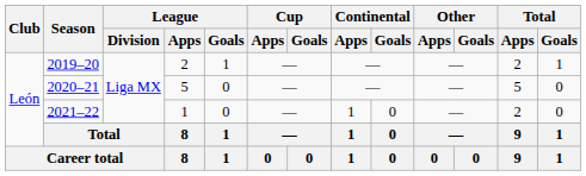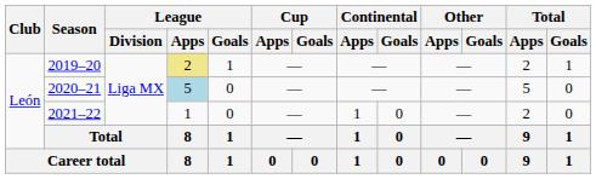 <table class="wikitable" style="text-align: center">
 <tr>
 <th rowspan="2">Club</th>
 <th rowspan="2">Season</th>
 <th colspan="3">League</th>
 <th colspan="2">Cup</th>
 <th colspan="2">Continental</th>
 <th colspan="2">Other</th>
 <th colspan="2">Total</th>
 </tr>
 <tr>
 <th>Division</th>
 <th>Apps</th>
 <th>Goals</th>
 <th>Apps</th>
 <th>Goals</th>
 <th>Apps</th>
 <th>Goals</th>
 <th>Apps</th>
 <th>Goals</th>
 <th>Apps</th>
 <th>Goals</th>
 </tr>
 <tr>
 <td rowspan="4"><a href='#'>León</a></td>
 <td><a href='#'>2019–20</a></td>
 <td rowspan="3"><a href='#'>Liga MX</a></td>
-<td>2</td>
+<td style="background: khaki;">2</td>
 <td>1</td>
 <td colspan="2">—</td>
 <td colspan="2">—</td>
 <td colspan="2">—</td>
 <td>2</td>
 <td>1</td>
 </tr>
 <tr>
 <td><a href='#'>2020–21</a></td>
-<td>5</td>
+<td style="background: lightblue;">5</td>
 <td>0</td>
 <td colspan="2">—</td>
 <td colspan="2">—</td>
 <td colspan="2">—</td>
 <td>5</td>
 <td>0</td>
 </tr>
 <tr>
 <td><a href='#'>2021–22</a></td>
 <td>1</td>
 <td>0</td>
 <td colspan="2">—</td>
 <td>1</td>
 <td>0</td>
 <td colspan="2">—</td>
 <td>2</td>
 <td>0</td>
 </tr>
 <tr>
 <th colspan="2">Total</th>
 <th>8</th>
 <th>1</th>
 <th colspan="2">—</th>
 <th>1</th>
 <th>0</th>
 <th colspan="2">—</th>
 <th>9</th>
 <th>1</th>
 </tr>
 <tr>
 <th colspan="3"><strong>Career total</strong></th>
 <th>8</th>
 <th>1</th>
 <th>0</th>
 <th>0</th>
 <th>1</th>
 <th>0</th>
 <th>0</th>
 <th>0</th>
 <th>9</th>
 <th>1</th>
 </tr>
 </table>
